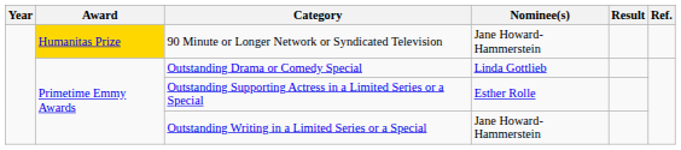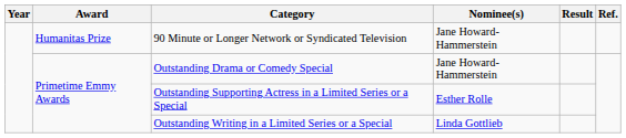 <table class="wikitable sortable">
 <tr>
 <th>Year</th>
 <th>Award</th>
 <th>Category</th>
 <th>Nominee(s)</th>
 <th>Result</th>
 <th>Ref.</th>
 </tr>
 <tr>
 <td rowspan="4"></td>
-<td style="background: gold;"><a href='#'>Humanitas Prize</a></td>
+<td><a href='#'>Humanitas Prize</a></td>
 <td>90 Minute or Longer Network or Syndicated Television</td>
 <td>Jane Howard-Hammerstein</td>
 <td></td>
 <td align="center"></td>
 </tr>
 <tr>
 <td rowspan="3"><a href='#'>Primetime Emmy Awards</a></td>
 <td><a href='#'>Outstanding Drama or Comedy Special</a></td>
-<td><a href='#'>Linda Gottlieb</a></td>
+<td>Jane Howard-Hammerstein</td>
 <td></td>
 <td align="center" rowspan="3"></td>
 </tr>
 <tr>
 <td><a href='#'>Outstanding Supporting Actress in a Limited Series or a Special</a></td>
 <td><a href='#'>Esther Rolle</a></td>
 <td></td>
 </tr>
 <tr>
 <td><a href='#'>Outstanding Writing in a Limited Series or a Special</a></td>
-<td>Jane Howard-Hammerstein</td>
+<td><a href='#'>Linda Gottlieb</a></td>
 <td></td>
 </tr>
 </table>
